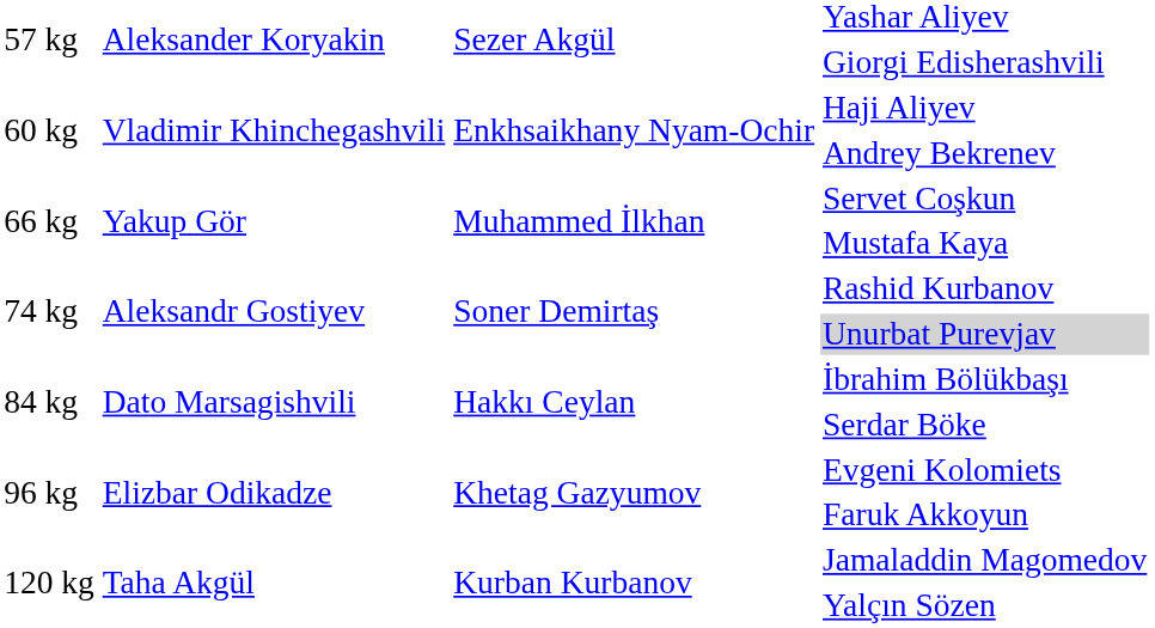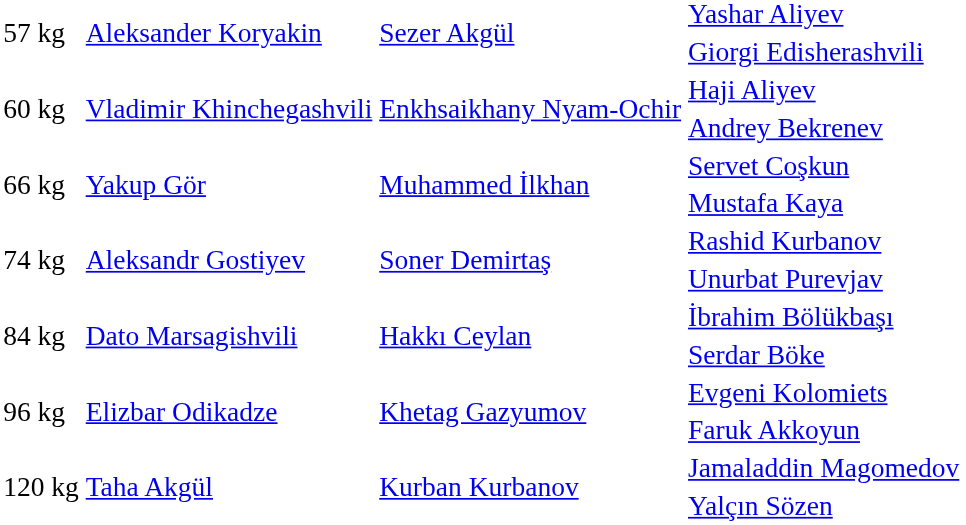 <table>
 <tr>
 <td rowspan=2>57 kg</td>
 <td rowspan=2> <a href='#'>Aleksander Koryakin</a></td>
 <td rowspan=2> <a href='#'>Sezer Akgül</a></td>
 <td> <a href='#'>Yashar Aliyev</a></td>
 </tr>
 <tr>
 <td> <a href='#'>Giorgi Edisherashvili</a></td>
 </tr>
 <tr>
 <td rowspan=2>60 kg</td>
 <td rowspan=2> <a href='#'>Vladimir Khinchegashvili</a></td>
 <td rowspan=2> <a href='#'>Enkhsaikhany Nyam-Ochir</a></td>
 <td> <a href='#'>Haji Aliyev</a></td>
 </tr>
 <tr>
 <td> <a href='#'>Andrey Bekrenev</a></td>
 </tr>
 <tr>
 <td rowspan=2>66 kg</td>
 <td rowspan=2> <a href='#'>Yakup Gör</a></td>
 <td rowspan=2> <a href='#'>Muhammed İlkhan</a></td>
 <td> <a href='#'>Servet Coşkun</a></td>
 </tr>
 <tr>
 <td> <a href='#'>Mustafa Kaya</a></td>
 </tr>
 <tr>
 <td rowspan=2>74 kg</td>
 <td rowspan=2> <a href='#'>Aleksandr Gostiyev</a></td>
 <td rowspan=2> <a href='#'>Soner Demirtaş</a></td>
 <td> <a href='#'>Rashid Kurbanov</a></td>
 </tr>
 <tr>
-<td style="background: lightgrey;"> <a href='#'>Unurbat Purevjav</a></td>
+<td> <a href='#'>Unurbat Purevjav</a></td>
 </tr>
 <tr>
 <td rowspan=2>84 kg</td>
 <td rowspan=2> <a href='#'>Dato Marsagishvili</a></td>
 <td rowspan=2> <a href='#'>Hakkı Ceylan</a></td>
 <td> <a href='#'>İbrahim Bölükbaşı</a></td>
 </tr>
 <tr>
 <td> <a href='#'>Serdar Böke</a></td>
 </tr>
 <tr>
 <td rowspan=2>96 kg</td>
 <td rowspan=2> <a href='#'>Elizbar Odikadze</a></td>
 <td rowspan=2> <a href='#'>Khetag Gazyumov</a></td>
 <td> <a href='#'>Evgeni Kolomiets</a></td>
 </tr>
 <tr>
 <td> <a href='#'>Faruk Akkoyun</a></td>
 </tr>
 <tr>
 <td rowspan=2>120 kg</td>
 <td rowspan=2> <a href='#'>Taha Akgül</a></td>
 <td rowspan=2> <a href='#'>Kurban Kurbanov</a></td>
 <td> <a href='#'>Jamaladdin Magomedov</a></td>
 </tr>
 <tr>
 <td> <a href='#'>Yalçın Sözen</a></td>
 </tr>
 <tr>
 </tr>
 </table>
